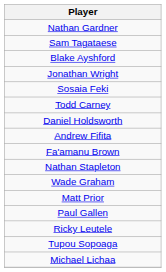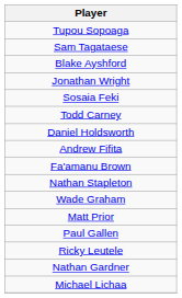 <table class="wikitable" style="text-align: center;">
 <tr>
 <th style="width:250px;">Player</th>
 </tr>
 <tr>
-<td><a href='#'>Nathan Gardner</a></td>
+<td><a href='#'>Tupou Sopoaga</a></td>
 </tr>
 <tr>
 <td><a href='#'>Sam Tagataese</a></td>
 </tr>
 <tr>
 <td><a href='#'>Blake Ayshford</a></td>
 </tr>
 <tr>
 <td><a href='#'>Jonathan Wright</a></td>
 </tr>
 <tr>
 <td><a href='#'>Sosaia Feki</a></td>
 </tr>
 <tr>
 <td><a href='#'>Todd Carney</a></td>
 </tr>
 <tr>
 <td><a href='#'>Daniel Holdsworth</a></td>
 </tr>
 <tr>
 <td><a href='#'>Andrew Fifita</a></td>
 </tr>
 <tr>
 <td><a href='#'>Fa'amanu Brown</a></td>
 </tr>
 <tr>
 <td><a href='#'>Nathan Stapleton</a></td>
 </tr>
 <tr>
 <td><a href='#'>Wade Graham</a></td>
 </tr>
 <tr>
 <td><a href='#'>Matt Prior</a></td>
 </tr>
 <tr>
 <td><a href='#'>Paul Gallen</a></td>
 </tr>
 <tr>
 <td><a href='#'>Ricky Leutele</a></td>
 </tr>
 <tr>
-<td><a href='#'>Tupou Sopoaga</a></td>
+<td><a href='#'>Nathan Gardner</a></td>
 </tr>
 <tr>
 <td><a href='#'>Michael Lichaa</a></td>
 </tr>
 <tr>
 </tr>
 </table>
